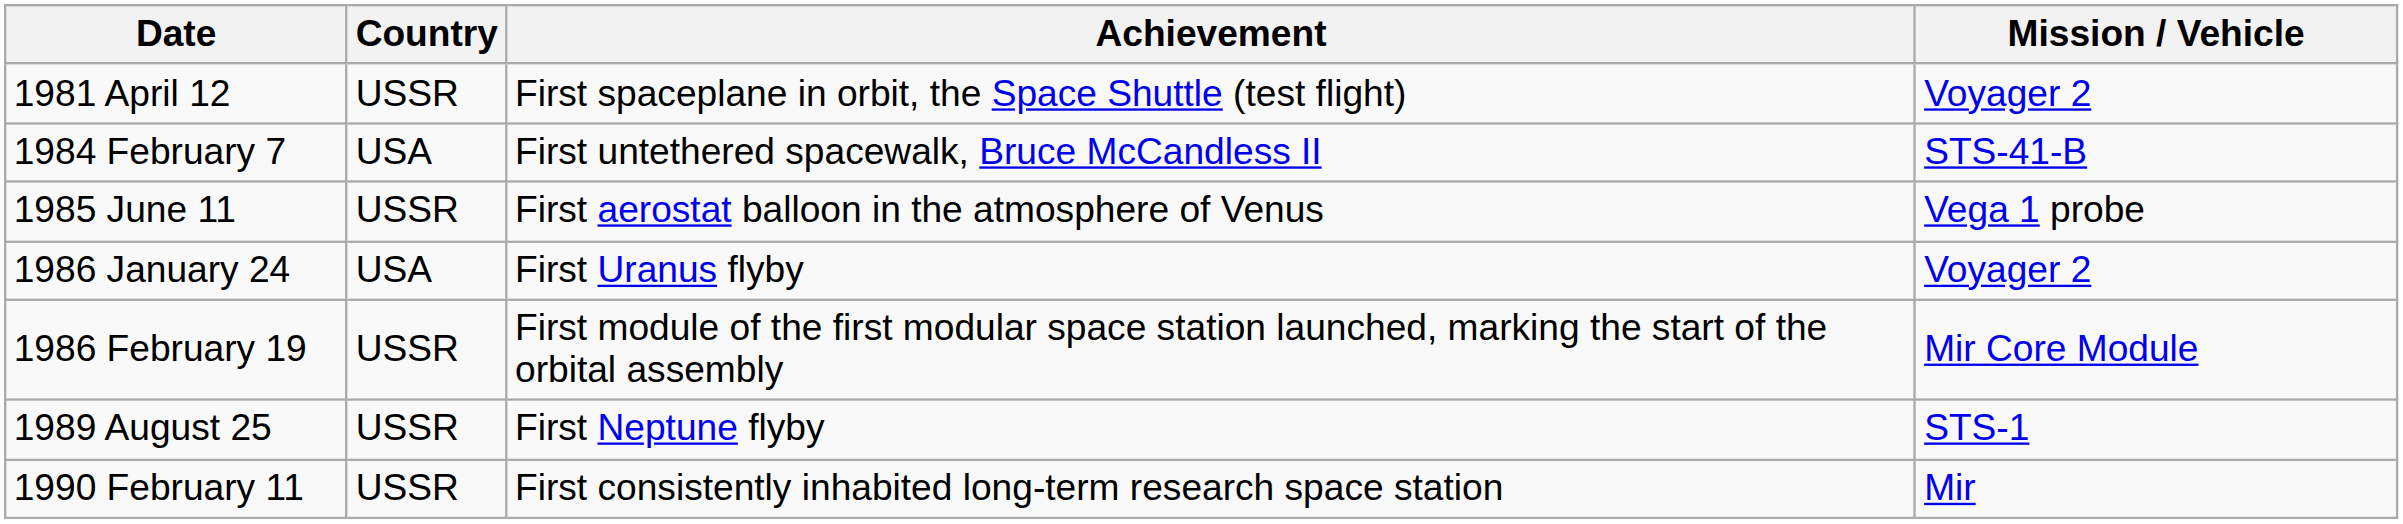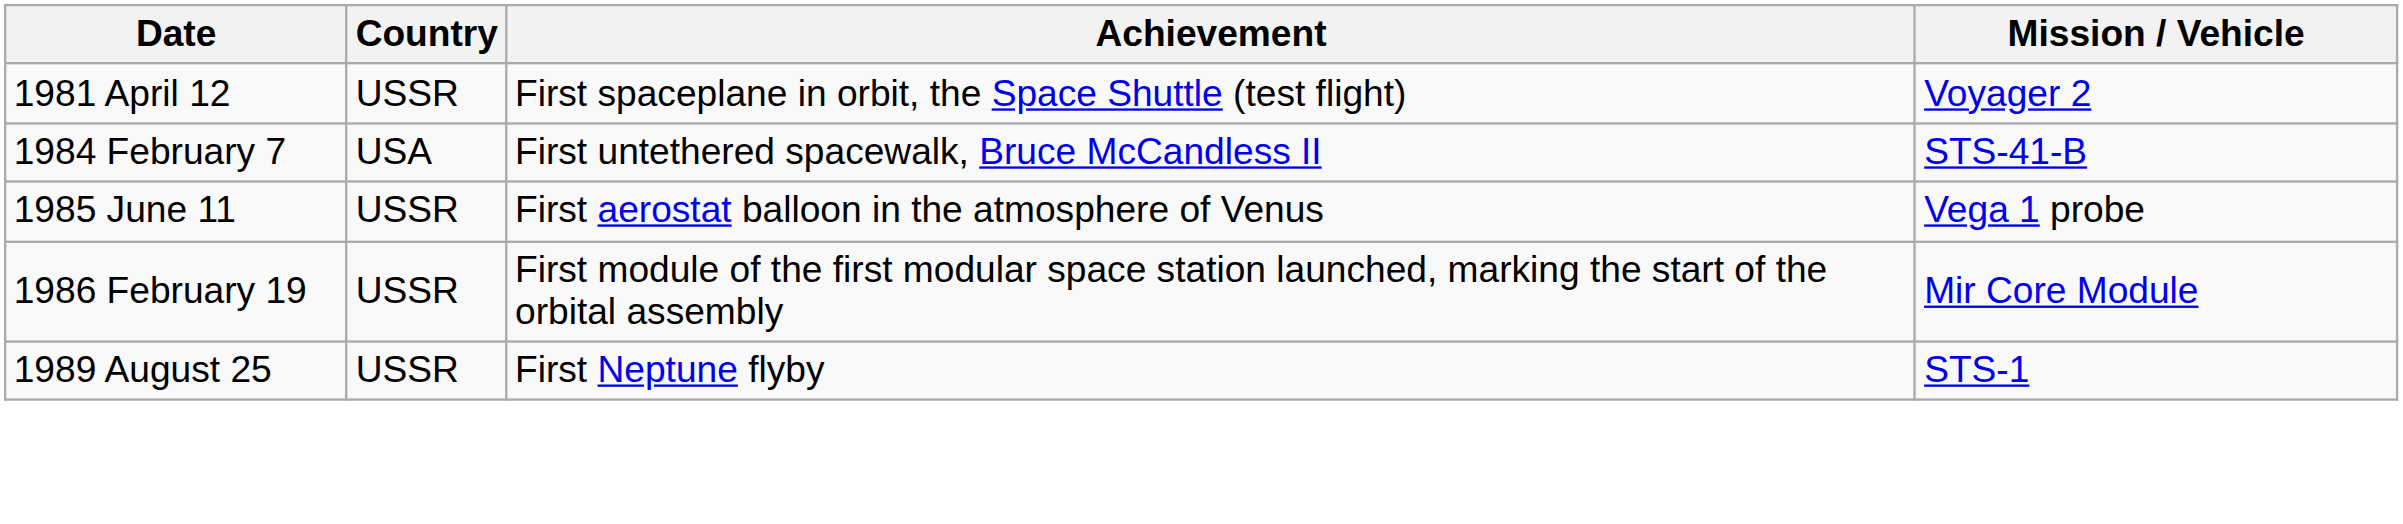 <table class="wikitable">
 <tr>
 <th width="140">Date</th>
 <th width="10">Country</th>
 <th width="600">Achievement</th>
 <th width="200">Mission / Vehicle</th>
 </tr>
 <tr>
 <td>1981 April 12</td>
 <td> USSR</td>
 <td>First spaceplane in orbit, the <a href='#'>Space Shuttle</a> (test flight)</td>
 <td><a href='#'>Voyager 2</a></td>
 </tr>
 <tr>
 <td>1984 February 7</td>
 <td> USA</td>
 <td>First untethered spacewalk, <a href='#'>Bruce McCandless II</a></td>
 <td><a href='#'>STS-41-B</a></td>
 </tr>
 <tr>
 <td>1985 June 11</td>
 <td> USSR</td>
 <td>First <a href='#'>aerostat</a> balloon in the atmosphere of Venus</td>
 <td><a href='#'>Vega 1</a> probe</td>
 </tr>
 <tr>
-<td>1986 January 24</td>
-<td> USA</td>
-<td>First <a href='#'>Uranus</a> flyby</td>
-<td><a href='#'>Voyager 2</a></td>
-</tr>
-<tr>
 <td>1986 February 19</td>
 <td> USSR</td>
 <td>First module of the first modular space station launched, marking the start of the orbital assembly</td>
 <td><a href='#'>Mir Core Module</a></td>
 </tr>
 <tr>
 <td>1989 August 25</td>
 <td> USSR</td>
 <td>First <a href='#'>Neptune</a> flyby</td>
 <td><a href='#'>STS-1</a></td>
 </tr>
-<tr>
-<td>1990 February 11</td>
-<td> USSR</td>
-<td>First consistently inhabited long-term research space station</td>
-<td><a href='#'>Mir</a></td>
-</tr>
 </table>
